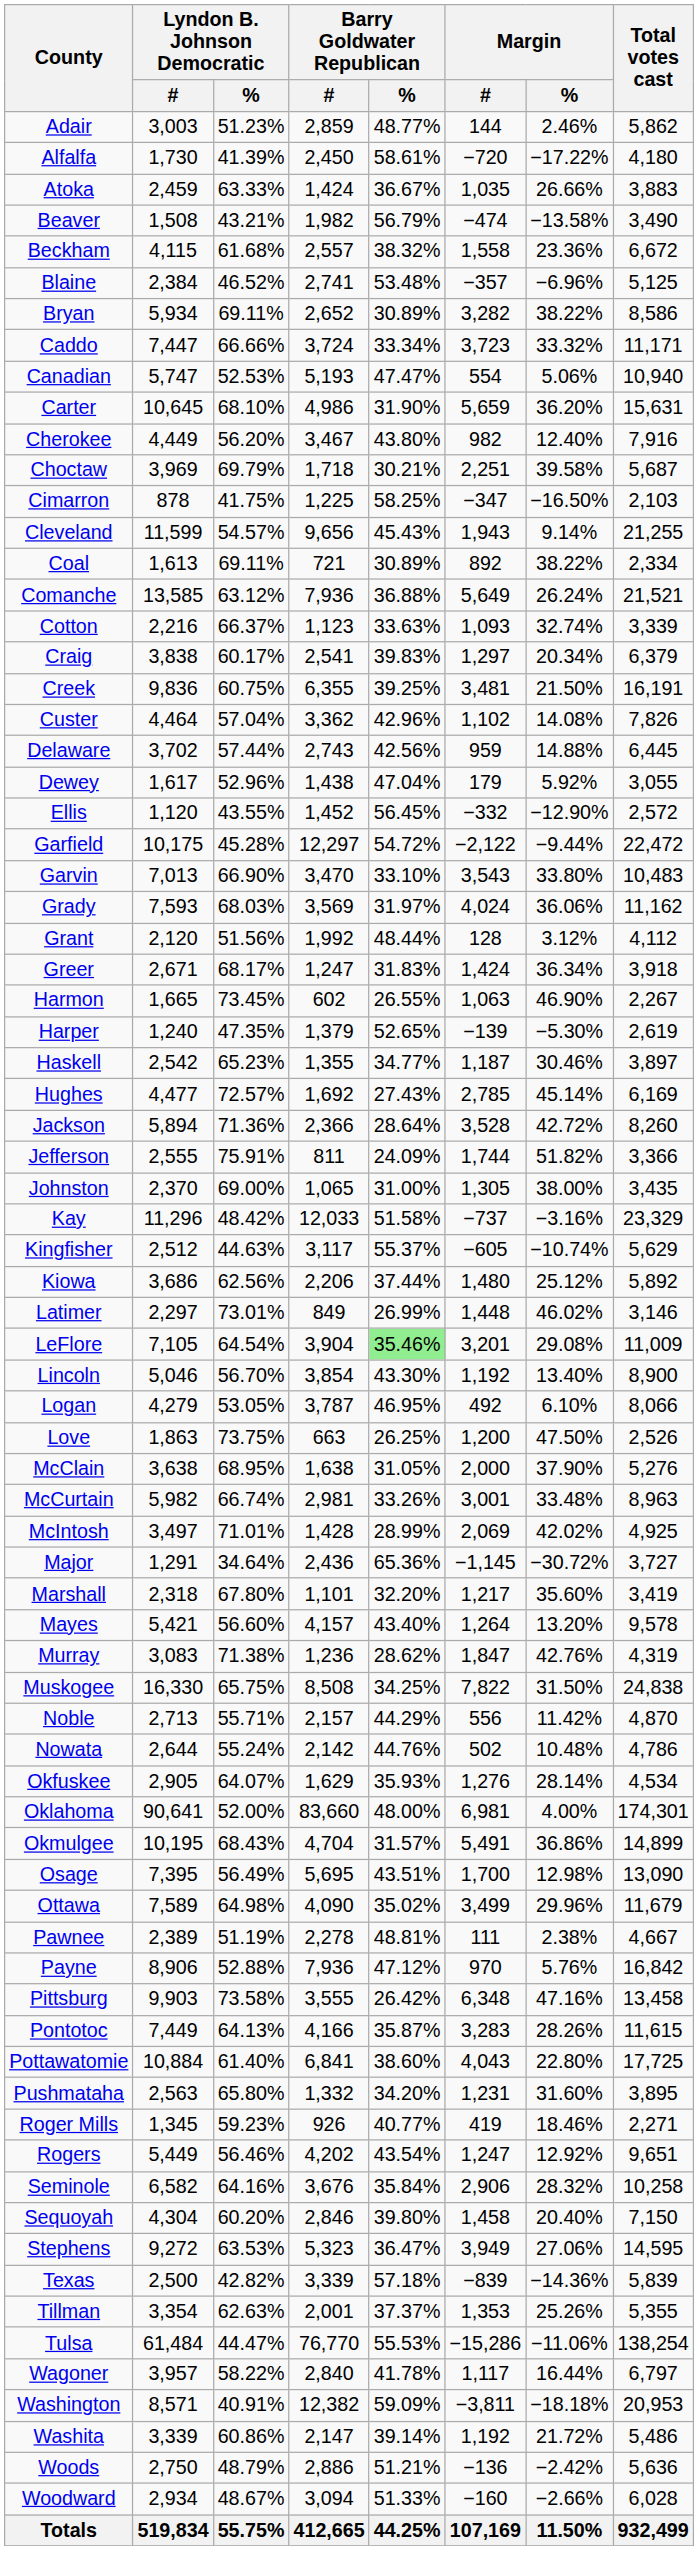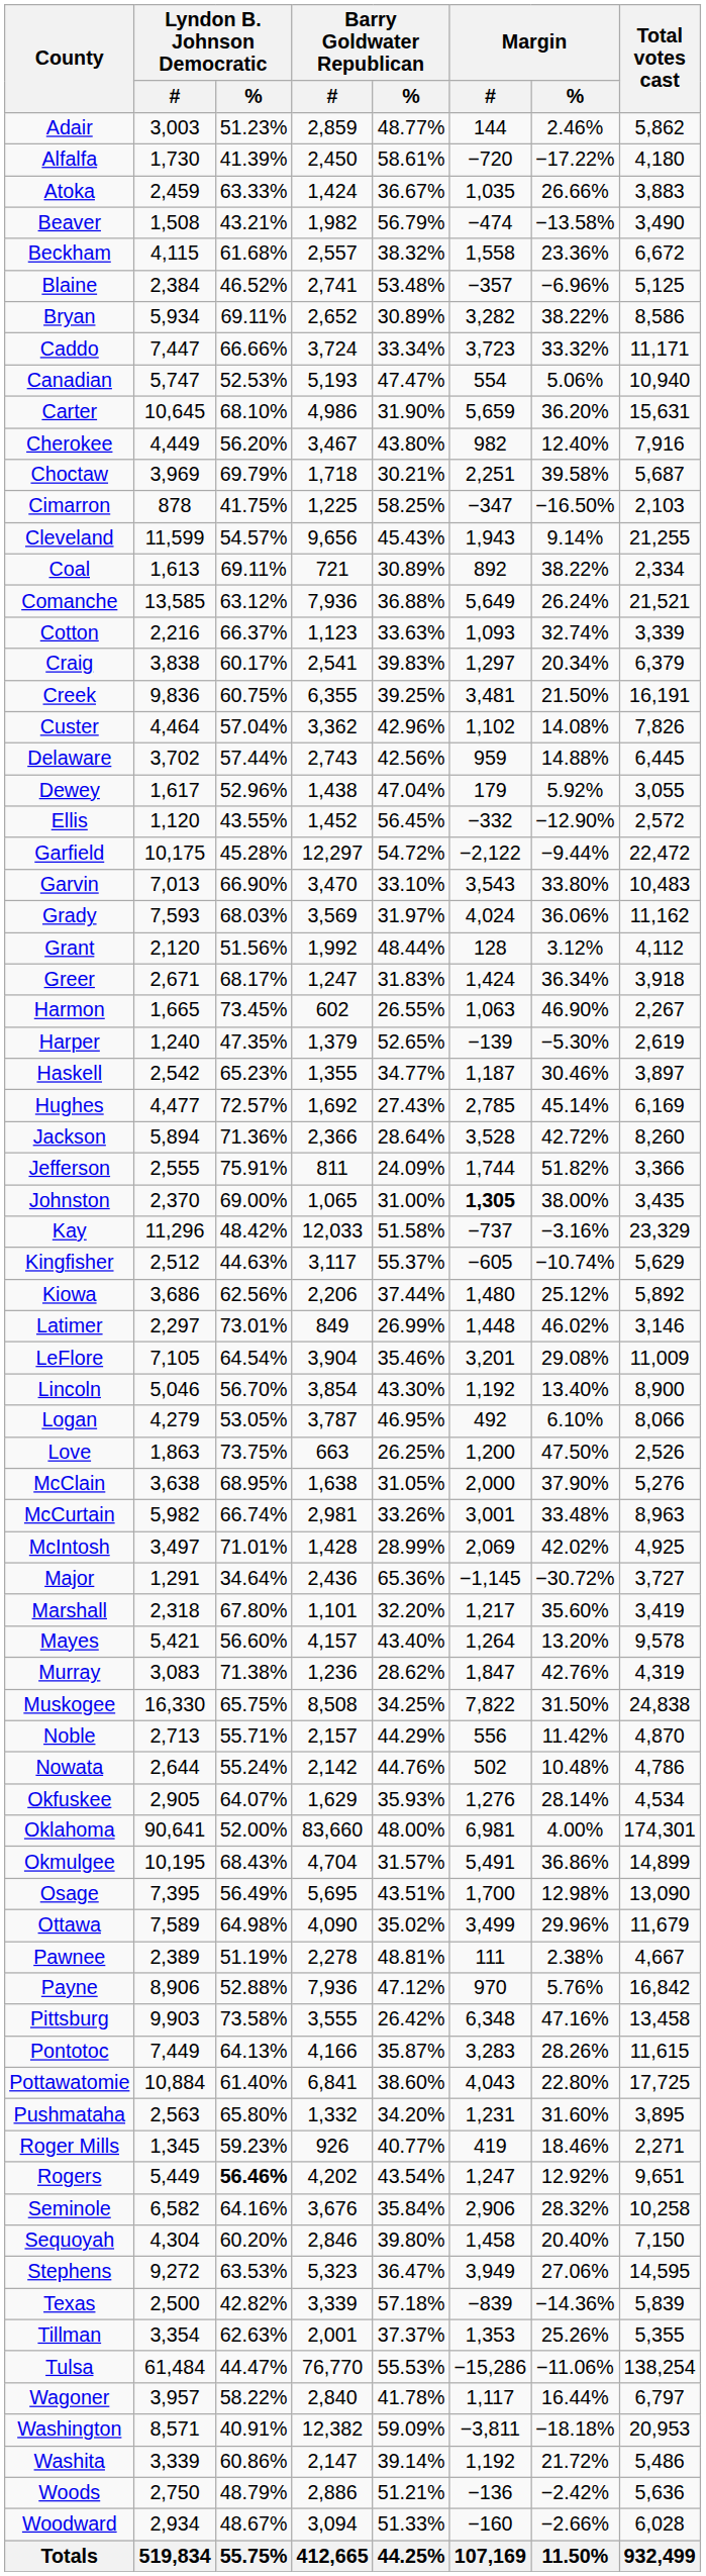 <table width="60%" class="wikitable sortable" style="text-align:center">
 <tr>
 <th style="text-align:center;" rowspan="2">County</th>
 <th style="text-align:center;" colspan="2">Lyndon B. Johnson<br>Democratic</th>
 <th style="text-align:center;" colspan="2">Barry Goldwater<br>Republican</th>
 <th style="text-align:center;" colspan="2">Margin</th>
 <th style="text-align:center;" rowspan="2">Total votes cast</th>
 </tr>
 <tr>
 <th style="text-align:center;" data-sort-type="number">#</th>
 <th style="text-align:center;" data-sort-type="number">%</th>
 <th style="text-align:center;" data-sort-type="number">#</th>
 <th style="text-align:center;" data-sort-type="number">%</th>
 <th style="text-align:center;" data-sort-type="number">#</th>
 <th style="text-align:center;" data-sort-type="number">%</th>
 </tr>
 <tr style="text-align:center;">
 <td><a href='#'>Adair</a></td>
 <td>3,003</td>
 <td>51.23%</td>
 <td>2,859</td>
 <td>48.77%</td>
 <td>144</td>
 <td>2.46%</td>
 <td>5,862</td>
 </tr>
 <tr style="text-align:center;">
 <td><a href='#'>Alfalfa</a></td>
 <td>1,730</td>
 <td>41.39%</td>
 <td>2,450</td>
 <td>58.61%</td>
 <td>−720</td>
 <td>−17.22%</td>
 <td>4,180</td>
 </tr>
 <tr style="text-align:center;">
 <td><a href='#'>Atoka</a></td>
 <td>2,459</td>
 <td>63.33%</td>
 <td>1,424</td>
 <td>36.67%</td>
 <td>1,035</td>
 <td>26.66%</td>
 <td>3,883</td>
 </tr>
 <tr style="text-align:center;">
 <td><a href='#'>Beaver</a></td>
 <td>1,508</td>
 <td>43.21%</td>
 <td>1,982</td>
 <td>56.79%</td>
 <td>−474</td>
 <td>−13.58%</td>
 <td>3,490</td>
 </tr>
 <tr style="text-align:center;">
 <td><a href='#'>Beckham</a></td>
 <td>4,115</td>
 <td>61.68%</td>
 <td>2,557</td>
 <td>38.32%</td>
 <td>1,558</td>
 <td>23.36%</td>
 <td>6,672</td>
 </tr>
 <tr style="text-align:center;">
 <td><a href='#'>Blaine</a></td>
 <td>2,384</td>
 <td>46.52%</td>
 <td>2,741</td>
 <td>53.48%</td>
 <td>−357</td>
 <td>−6.96%</td>
 <td>5,125</td>
 </tr>
 <tr style="text-align:center;">
 <td><a href='#'>Bryan</a></td>
 <td>5,934</td>
 <td>69.11%</td>
 <td>2,652</td>
 <td>30.89%</td>
 <td>3,282</td>
 <td>38.22%</td>
 <td>8,586</td>
 </tr>
 <tr style="text-align:center;">
 <td><a href='#'>Caddo</a></td>
 <td>7,447</td>
 <td>66.66%</td>
 <td>3,724</td>
 <td>33.34%</td>
 <td>3,723</td>
 <td>33.32%</td>
 <td>11,171</td>
 </tr>
 <tr style="text-align:center;">
 <td><a href='#'>Canadian</a></td>
 <td>5,747</td>
 <td>52.53%</td>
 <td>5,193</td>
 <td>47.47%</td>
 <td>554</td>
 <td>5.06%</td>
 <td>10,940</td>
 </tr>
 <tr style="text-align:center;">
 <td><a href='#'>Carter</a></td>
 <td>10,645</td>
 <td>68.10%</td>
 <td>4,986</td>
 <td>31.90%</td>
 <td>5,659</td>
 <td>36.20%</td>
 <td>15,631</td>
 </tr>
 <tr style="text-align:center;">
 <td><a href='#'>Cherokee</a></td>
 <td>4,449</td>
 <td>56.20%</td>
 <td>3,467</td>
 <td>43.80%</td>
 <td>982</td>
 <td>12.40%</td>
 <td>7,916</td>
 </tr>
 <tr style="text-align:center;">
 <td><a href='#'>Choctaw</a></td>
 <td>3,969</td>
 <td>69.79%</td>
 <td>1,718</td>
 <td>30.21%</td>
 <td>2,251</td>
 <td>39.58%</td>
 <td>5,687</td>
 </tr>
 <tr style="text-align:center;">
 <td><a href='#'>Cimarron</a></td>
 <td>878</td>
 <td>41.75%</td>
 <td>1,225</td>
 <td>58.25%</td>
 <td>−347</td>
 <td>−16.50%</td>
 <td>2,103</td>
 </tr>
 <tr style="text-align:center;">
 <td><a href='#'>Cleveland</a></td>
 <td>11,599</td>
 <td>54.57%</td>
 <td>9,656</td>
 <td>45.43%</td>
 <td>1,943</td>
 <td>9.14%</td>
 <td>21,255</td>
 </tr>
 <tr style="text-align:center;">
 <td><a href='#'>Coal</a></td>
 <td>1,613</td>
 <td>69.11%</td>
 <td>721</td>
 <td>30.89%</td>
 <td>892</td>
 <td>38.22%</td>
 <td>2,334</td>
 </tr>
 <tr style="text-align:center;">
 <td><a href='#'>Comanche</a></td>
 <td>13,585</td>
 <td>63.12%</td>
 <td>7,936</td>
 <td>36.88%</td>
 <td>5,649</td>
 <td>26.24%</td>
 <td>21,521</td>
 </tr>
 <tr style="text-align:center;">
 <td><a href='#'>Cotton</a></td>
 <td>2,216</td>
 <td>66.37%</td>
 <td>1,123</td>
 <td>33.63%</td>
 <td>1,093</td>
 <td>32.74%</td>
 <td>3,339</td>
 </tr>
 <tr style="text-align:center;">
 <td><a href='#'>Craig</a></td>
 <td>3,838</td>
 <td>60.17%</td>
 <td>2,541</td>
 <td>39.83%</td>
 <td>1,297</td>
 <td>20.34%</td>
 <td>6,379</td>
 </tr>
 <tr style="text-align:center;">
 <td><a href='#'>Creek</a></td>
 <td>9,836</td>
 <td>60.75%</td>
 <td>6,355</td>
 <td>39.25%</td>
 <td>3,481</td>
 <td>21.50%</td>
 <td>16,191</td>
 </tr>
 <tr style="text-align:center;">
 <td><a href='#'>Custer</a></td>
 <td>4,464</td>
 <td>57.04%</td>
 <td>3,362</td>
 <td>42.96%</td>
 <td>1,102</td>
 <td>14.08%</td>
 <td>7,826</td>
 </tr>
 <tr style="text-align:center;">
 <td><a href='#'>Delaware</a></td>
 <td>3,702</td>
 <td>57.44%</td>
 <td>2,743</td>
 <td>42.56%</td>
 <td>959</td>
 <td>14.88%</td>
 <td>6,445</td>
 </tr>
 <tr style="text-align:center;">
 <td><a href='#'>Dewey</a></td>
 <td>1,617</td>
 <td>52.96%</td>
 <td>1,438</td>
 <td>47.04%</td>
 <td>179</td>
 <td>5.92%</td>
 <td>3,055</td>
 </tr>
 <tr style="text-align:center;">
 <td><a href='#'>Ellis</a></td>
 <td>1,120</td>
 <td>43.55%</td>
 <td>1,452</td>
 <td>56.45%</td>
 <td>−332</td>
 <td>−12.90%</td>
 <td>2,572</td>
 </tr>
 <tr style="text-align:center;">
 <td><a href='#'>Garfield</a></td>
 <td>10,175</td>
 <td>45.28%</td>
 <td>12,297</td>
 <td>54.72%</td>
 <td>−2,122</td>
 <td>−9.44%</td>
 <td>22,472</td>
 </tr>
 <tr style="text-align:center;">
 <td><a href='#'>Garvin</a></td>
 <td>7,013</td>
 <td>66.90%</td>
 <td>3,470</td>
 <td>33.10%</td>
 <td>3,543</td>
 <td>33.80%</td>
 <td>10,483</td>
 </tr>
 <tr style="text-align:center;">
 <td><a href='#'>Grady</a></td>
 <td>7,593</td>
 <td>68.03%</td>
 <td>3,569</td>
 <td>31.97%</td>
 <td>4,024</td>
 <td>36.06%</td>
 <td>11,162</td>
 </tr>
 <tr style="text-align:center;">
 <td><a href='#'>Grant</a></td>
 <td>2,120</td>
 <td>51.56%</td>
 <td>1,992</td>
 <td>48.44%</td>
 <td>128</td>
 <td>3.12%</td>
 <td>4,112</td>
 </tr>
 <tr style="text-align:center;">
 <td><a href='#'>Greer</a></td>
 <td>2,671</td>
 <td>68.17%</td>
 <td>1,247</td>
 <td>31.83%</td>
 <td>1,424</td>
 <td>36.34%</td>
 <td>3,918</td>
 </tr>
 <tr style="text-align:center;">
 <td><a href='#'>Harmon</a></td>
 <td>1,665</td>
 <td>73.45%</td>
 <td>602</td>
 <td>26.55%</td>
 <td>1,063</td>
 <td>46.90%</td>
 <td>2,267</td>
 </tr>
 <tr style="text-align:center;">
 <td><a href='#'>Harper</a></td>
 <td>1,240</td>
 <td>47.35%</td>
 <td>1,379</td>
 <td>52.65%</td>
 <td>−139</td>
 <td>−5.30%</td>
 <td>2,619</td>
 </tr>
 <tr style="text-align:center;">
 <td><a href='#'>Haskell</a></td>
 <td>2,542</td>
 <td>65.23%</td>
 <td>1,355</td>
 <td>34.77%</td>
 <td>1,187</td>
 <td>30.46%</td>
 <td>3,897</td>
 </tr>
 <tr style="text-align:center;">
 <td><a href='#'>Hughes</a></td>
 <td>4,477</td>
 <td>72.57%</td>
 <td>1,692</td>
 <td>27.43%</td>
 <td>2,785</td>
 <td>45.14%</td>
 <td>6,169</td>
 </tr>
 <tr style="text-align:center;">
 <td><a href='#'>Jackson</a></td>
 <td>5,894</td>
 <td>71.36%</td>
 <td>2,366</td>
 <td>28.64%</td>
 <td>3,528</td>
 <td>42.72%</td>
 <td>8,260</td>
 </tr>
 <tr style="text-align:center;">
 <td><a href='#'>Jefferson</a></td>
 <td>2,555</td>
 <td>75.91%</td>
 <td>811</td>
 <td>24.09%</td>
 <td>1,744</td>
 <td>51.82%</td>
 <td>3,366</td>
 </tr>
 <tr style="text-align:center;">
 <td><a href='#'>Johnston</a></td>
 <td>2,370</td>
 <td>69.00%</td>
 <td>1,065</td>
 <td>31.00%</td>
-<td>1,305</td>
+<td><strong>1,305</strong></td>
 <td>38.00%</td>
 <td>3,435</td>
 </tr>
 <tr style="text-align:center;">
 <td><a href='#'>Kay</a></td>
 <td>11,296</td>
 <td>48.42%</td>
 <td>12,033</td>
 <td>51.58%</td>
 <td>−737</td>
 <td>−3.16%</td>
 <td>23,329</td>
 </tr>
 <tr style="text-align:center;">
 <td><a href='#'>Kingfisher</a></td>
 <td>2,512</td>
 <td>44.63%</td>
 <td>3,117</td>
 <td>55.37%</td>
 <td>−605</td>
 <td>−10.74%</td>
 <td>5,629</td>
 </tr>
 <tr style="text-align:center;">
 <td><a href='#'>Kiowa</a></td>
 <td>3,686</td>
 <td>62.56%</td>
 <td>2,206</td>
 <td>37.44%</td>
 <td>1,480</td>
 <td>25.12%</td>
 <td>5,892</td>
 </tr>
 <tr style="text-align:center;">
 <td><a href='#'>Latimer</a></td>
 <td>2,297</td>
 <td>73.01%</td>
 <td>849</td>
 <td>26.99%</td>
 <td>1,448</td>
 <td>46.02%</td>
 <td>3,146</td>
 </tr>
 <tr style="text-align:center;">
 <td><a href='#'>LeFlore</a></td>
 <td>7,105</td>
 <td>64.54%</td>
 <td>3,904</td>
-<td style="background: lightgreen;">35.46%</td>
+<td>35.46%</td>
 <td>3,201</td>
 <td>29.08%</td>
 <td>11,009</td>
 </tr>
 <tr style="text-align:center;">
 <td><a href='#'>Lincoln</a></td>
 <td>5,046</td>
 <td>56.70%</td>
 <td>3,854</td>
 <td>43.30%</td>
 <td>1,192</td>
 <td>13.40%</td>
 <td>8,900</td>
 </tr>
 <tr style="text-align:center;">
 <td><a href='#'>Logan</a></td>
 <td>4,279</td>
 <td>53.05%</td>
 <td>3,787</td>
 <td>46.95%</td>
 <td>492</td>
 <td>6.10%</td>
 <td>8,066</td>
 </tr>
 <tr style="text-align:center;">
 <td><a href='#'>Love</a></td>
 <td>1,863</td>
 <td>73.75%</td>
 <td>663</td>
 <td>26.25%</td>
 <td>1,200</td>
 <td>47.50%</td>
 <td>2,526</td>
 </tr>
 <tr style="text-align:center;">
 <td><a href='#'>McClain</a></td>
 <td>3,638</td>
 <td>68.95%</td>
 <td>1,638</td>
 <td>31.05%</td>
 <td>2,000</td>
 <td>37.90%</td>
 <td>5,276</td>
 </tr>
 <tr style="text-align:center;">
 <td><a href='#'>McCurtain</a></td>
 <td>5,982</td>
 <td>66.74%</td>
 <td>2,981</td>
 <td>33.26%</td>
 <td>3,001</td>
 <td>33.48%</td>
 <td>8,963</td>
 </tr>
 <tr style="text-align:center;">
 <td><a href='#'>McIntosh</a></td>
 <td>3,497</td>
 <td>71.01%</td>
 <td>1,428</td>
 <td>28.99%</td>
 <td>2,069</td>
 <td>42.02%</td>
 <td>4,925</td>
 </tr>
 <tr style="text-align:center;">
 <td><a href='#'>Major</a></td>
 <td>1,291</td>
 <td>34.64%</td>
 <td>2,436</td>
 <td>65.36%</td>
 <td>−1,145</td>
 <td>−30.72%</td>
 <td>3,727</td>
 </tr>
 <tr style="text-align:center;">
 <td><a href='#'>Marshall</a></td>
 <td>2,318</td>
 <td>67.80%</td>
 <td>1,101</td>
 <td>32.20%</td>
 <td>1,217</td>
 <td>35.60%</td>
 <td>3,419</td>
 </tr>
 <tr style="text-align:center;">
 <td><a href='#'>Mayes</a></td>
 <td>5,421</td>
 <td>56.60%</td>
 <td>4,157</td>
 <td>43.40%</td>
 <td>1,264</td>
 <td>13.20%</td>
 <td>9,578</td>
 </tr>
 <tr style="text-align:center;">
 <td><a href='#'>Murray</a></td>
 <td>3,083</td>
 <td>71.38%</td>
 <td>1,236</td>
 <td>28.62%</td>
 <td>1,847</td>
 <td>42.76%</td>
 <td>4,319</td>
 </tr>
 <tr style="text-align:center;">
 <td><a href='#'>Muskogee</a></td>
 <td>16,330</td>
 <td>65.75%</td>
 <td>8,508</td>
 <td>34.25%</td>
 <td>7,822</td>
 <td>31.50%</td>
 <td>24,838</td>
 </tr>
 <tr style="text-align:center;">
 <td><a href='#'>Noble</a></td>
 <td>2,713</td>
 <td>55.71%</td>
 <td>2,157</td>
 <td>44.29%</td>
 <td>556</td>
 <td>11.42%</td>
 <td>4,870</td>
 </tr>
 <tr style="text-align:center;">
 <td><a href='#'>Nowata</a></td>
 <td>2,644</td>
 <td>55.24%</td>
 <td>2,142</td>
 <td>44.76%</td>
 <td>502</td>
 <td>10.48%</td>
 <td>4,786</td>
 </tr>
 <tr style="text-align:center;">
 <td><a href='#'>Okfuskee</a></td>
 <td>2,905</td>
 <td>64.07%</td>
 <td>1,629</td>
 <td>35.93%</td>
 <td>1,276</td>
 <td>28.14%</td>
 <td>4,534</td>
 </tr>
 <tr style="text-align:center;">
 <td><a href='#'>Oklahoma</a></td>
 <td>90,641</td>
 <td>52.00%</td>
 <td>83,660</td>
 <td>48.00%</td>
 <td>6,981</td>
 <td>4.00%</td>
 <td>174,301</td>
 </tr>
 <tr style="text-align:center;">
 <td><a href='#'>Okmulgee</a></td>
 <td>10,195</td>
 <td>68.43%</td>
 <td>4,704</td>
 <td>31.57%</td>
 <td>5,491</td>
 <td>36.86%</td>
 <td>14,899</td>
 </tr>
 <tr style="text-align:center;">
 <td><a href='#'>Osage</a></td>
 <td>7,395</td>
 <td>56.49%</td>
 <td>5,695</td>
 <td>43.51%</td>
 <td>1,700</td>
 <td>12.98%</td>
 <td>13,090</td>
 </tr>
 <tr style="text-align:center;">
 <td><a href='#'>Ottawa</a></td>
 <td>7,589</td>
 <td>64.98%</td>
 <td>4,090</td>
 <td>35.02%</td>
 <td>3,499</td>
 <td>29.96%</td>
 <td>11,679</td>
 </tr>
 <tr style="text-align:center;">
 <td><a href='#'>Pawnee</a></td>
 <td>2,389</td>
 <td>51.19%</td>
 <td>2,278</td>
 <td>48.81%</td>
 <td>111</td>
 <td>2.38%</td>
 <td>4,667</td>
 </tr>
 <tr style="text-align:center;">
 <td><a href='#'>Payne</a></td>
 <td>8,906</td>
 <td>52.88%</td>
 <td>7,936</td>
 <td>47.12%</td>
 <td>970</td>
 <td>5.76%</td>
 <td>16,842</td>
 </tr>
 <tr style="text-align:center;">
 <td><a href='#'>Pittsburg</a></td>
 <td>9,903</td>
 <td>73.58%</td>
 <td>3,555</td>
 <td>26.42%</td>
 <td>6,348</td>
 <td>47.16%</td>
 <td>13,458</td>
 </tr>
 <tr style="text-align:center;">
 <td><a href='#'>Pontotoc</a></td>
 <td>7,449</td>
 <td>64.13%</td>
 <td>4,166</td>
 <td>35.87%</td>
 <td>3,283</td>
 <td>28.26%</td>
 <td>11,615</td>
 </tr>
 <tr style="text-align:center;">
 <td><a href='#'>Pottawatomie</a></td>
 <td>10,884</td>
 <td>61.40%</td>
 <td>6,841</td>
 <td>38.60%</td>
 <td>4,043</td>
 <td>22.80%</td>
 <td>17,725</td>
 </tr>
 <tr style="text-align:center;">
 <td><a href='#'>Pushmataha</a></td>
 <td>2,563</td>
 <td>65.80%</td>
 <td>1,332</td>
 <td>34.20%</td>
 <td>1,231</td>
 <td>31.60%</td>
 <td>3,895</td>
 </tr>
 <tr style="text-align:center;">
 <td><a href='#'>Roger Mills</a></td>
 <td>1,345</td>
 <td>59.23%</td>
 <td>926</td>
 <td>40.77%</td>
 <td>419</td>
 <td>18.46%</td>
 <td>2,271</td>
 </tr>
 <tr style="text-align:center;">
 <td><a href='#'>Rogers</a></td>
 <td>5,449</td>
-<td>56.46%</td>
+<td><strong>56.46%</strong></td>
 <td>4,202</td>
 <td>43.54%</td>
 <td>1,247</td>
 <td>12.92%</td>
 <td>9,651</td>
 </tr>
 <tr style="text-align:center;">
 <td><a href='#'>Seminole</a></td>
 <td>6,582</td>
 <td>64.16%</td>
 <td>3,676</td>
 <td>35.84%</td>
 <td>2,906</td>
 <td>28.32%</td>
 <td>10,258</td>
 </tr>
 <tr style="text-align:center;">
 <td><a href='#'>Sequoyah</a></td>
 <td>4,304</td>
 <td>60.20%</td>
 <td>2,846</td>
 <td>39.80%</td>
 <td>1,458</td>
 <td>20.40%</td>
 <td>7,150</td>
 </tr>
 <tr style="text-align:center;">
 <td><a href='#'>Stephens</a></td>
 <td>9,272</td>
 <td>63.53%</td>
 <td>5,323</td>
 <td>36.47%</td>
 <td>3,949</td>
 <td>27.06%</td>
 <td>14,595</td>
 </tr>
 <tr style="text-align:center;">
 <td><a href='#'>Texas</a></td>
 <td>2,500</td>
 <td>42.82%</td>
 <td>3,339</td>
 <td>57.18%</td>
 <td>−839</td>
 <td>−14.36%</td>
 <td>5,839</td>
 </tr>
 <tr style="text-align:center;">
 <td><a href='#'>Tillman</a></td>
 <td>3,354</td>
 <td>62.63%</td>
 <td>2,001</td>
 <td>37.37%</td>
 <td>1,353</td>
 <td>25.26%</td>
 <td>5,355</td>
 </tr>
 <tr style="text-align:center;">
 <td><a href='#'>Tulsa</a></td>
 <td>61,484</td>
 <td>44.47%</td>
 <td>76,770</td>
 <td>55.53%</td>
 <td>−15,286</td>
 <td>−11.06%</td>
 <td>138,254</td>
 </tr>
 <tr style="text-align:center;">
 <td><a href='#'>Wagoner</a></td>
 <td>3,957</td>
 <td>58.22%</td>
 <td>2,840</td>
 <td>41.78%</td>
 <td>1,117</td>
 <td>16.44%</td>
 <td>6,797</td>
 </tr>
 <tr style="text-align:center;">
 <td><a href='#'>Washington</a></td>
 <td>8,571</td>
 <td>40.91%</td>
 <td>12,382</td>
 <td>59.09%</td>
 <td>−3,811</td>
 <td>−18.18%</td>
 <td>20,953</td>
 </tr>
 <tr style="text-align:center;">
 <td><a href='#'>Washita</a></td>
 <td>3,339</td>
 <td>60.86%</td>
 <td>2,147</td>
 <td>39.14%</td>
 <td>1,192</td>
 <td>21.72%</td>
 <td>5,486</td>
 </tr>
 <tr style="text-align:center;">
 <td><a href='#'>Woods</a></td>
 <td>2,750</td>
 <td>48.79%</td>
 <td>2,886</td>
 <td>51.21%</td>
 <td>−136</td>
 <td>−2.42%</td>
 <td>5,636</td>
 </tr>
 <tr style="text-align:center;">
 <td><a href='#'>Woodward</a></td>
 <td>2,934</td>
 <td>48.67%</td>
 <td>3,094</td>
 <td>51.33%</td>
 <td>−160</td>
 <td>−2.66%</td>
 <td>6,028</td>
 </tr>
 <tr style="text-align:center;">
 <th>Totals</th>
 <th>519,834</th>
 <th>55.75%</th>
 <th>412,665</th>
 <th>44.25%</th>
 <th>107,169</th>
 <th>11.50%</th>
 <th>932,499</th>
 </tr>
 </table>
